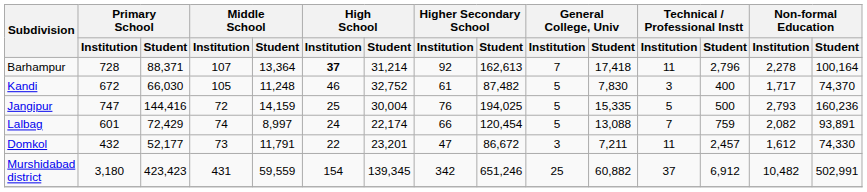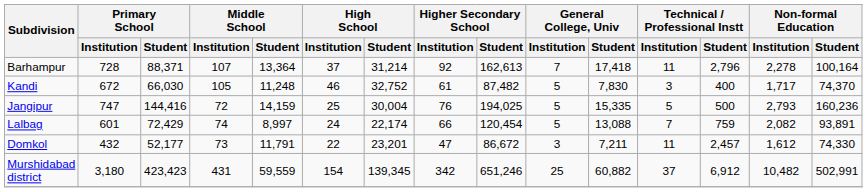 <table class="wikitable" style="text-align:center;font-size: 9pt">
 <tr>
 <th width="110" rowspan="2">Subdivision</th>
 <th colspan="2">Primary<br>School</th>
 <th colspan="2">Middle<br>School</th>
 <th colspan="2">High<br>School</th>
 <th colspan="2">Higher Secondary<br>School</th>
 <th colspan="2">General<br>College, Univ</th>
 <th colspan="2">Technical /<br>Professional Instt</th>
 <th colspan="2">Non-formal<br>Education</th>
 </tr>
 <tr>
 <th width="30">Institution</th>
 <th width="30">Student</th>
 <th width="30">Institution</th>
 <th width="30">Student</th>
 <th width="30">Institution</th>
 <th width="30">Student</th>
 <th width="30">Institution</th>
 <th width="30">Student</th>
 <th width="30">Institution</th>
 <th width="30">Student</th>
 <th width="30">Institution</th>
 <th width="30">Student</th>
 <th width="30">Institution</th>
 <th width="30">Student<br></th>
 </tr>
 <tr>
 <td align=left>Barhampur</td>
 <td align="center">728</td>
 <td align="center">88,371</td>
 <td align="center">107</td>
 <td align="center">13,364</td>
-<td align="center"><strong>37</strong></td>
+<td align="center">37</td>
 <td align="center">31,214</td>
 <td align="center">92</td>
 <td align="center">162,613</td>
 <td align="center">7</td>
 <td align="center">17,418</td>
 <td align="center">11</td>
 <td align="center">2,796</td>
 <td align="center">2,278</td>
 <td align="center">100,164</td>
 </tr>
 <tr>
 <td align=left><a href='#'>Kandi</a></td>
 <td align="center">672</td>
 <td align="center">66,030</td>
 <td align="center">105</td>
 <td align="center">11,248</td>
 <td align="center">46</td>
 <td align="center">32,752</td>
 <td align="center">61</td>
 <td align="center">87,482</td>
 <td align="center">5</td>
 <td align="center">7,830</td>
 <td align="center">3</td>
 <td align="center">400</td>
 <td align="center">1,717</td>
 <td align="center">74,370</td>
 </tr>
 <tr>
 <td align=left><a href='#'>Jangipur</a></td>
 <td align="center">747</td>
 <td align="center">144,416</td>
 <td align="center">72</td>
 <td align="center">14,159</td>
 <td align="center">25</td>
 <td align="center">30,004</td>
 <td align="center">76</td>
 <td align="center">194,025</td>
 <td align="center">5</td>
 <td align="center">15,335</td>
 <td align="center">5</td>
 <td align="center">500</td>
 <td align="center">2,793</td>
 <td align="center">160,236</td>
 </tr>
 <tr>
 <td align=left><a href='#'>Lalbag</a></td>
 <td align="center">601</td>
 <td align="center">72,429</td>
 <td align="center">74</td>
 <td align="center">8,997</td>
 <td align="center">24</td>
 <td align="center">22,174</td>
 <td align="center">66</td>
 <td align="center">120,454</td>
 <td align="center">5</td>
 <td align="center">13,088</td>
 <td align="center">7</td>
 <td align="center">759</td>
 <td align="center">2,082</td>
 <td align="center">93,891</td>
 </tr>
 <tr>
 <td align=left><a href='#'>Domkol</a></td>
 <td align="center">432</td>
 <td align="center">52,177</td>
 <td align="center">73</td>
 <td align="center">11,791</td>
 <td align="center">22</td>
 <td align="center">23,201</td>
 <td align="center">47</td>
 <td align="center">86,672</td>
 <td align="center">3</td>
 <td align="center">7,211</td>
 <td align="center">11</td>
 <td align="center">2,457</td>
 <td align="center">1,612</td>
 <td align="center">74,330</td>
 </tr>
 <tr>
 <td align=left><a href='#'>Murshidabad district</a></td>
 <td align="center">3,180</td>
 <td align="center">423,423</td>
 <td align="center">431</td>
 <td align="center">59,559</td>
 <td align="center">154</td>
 <td align="center">139,345</td>
 <td align="center">342</td>
 <td align="center">651,246</td>
 <td align="center">25</td>
 <td align="center">60,882</td>
 <td align="center">37</td>
 <td align="center">6,912</td>
 <td align="center">10,482</td>
 <td align="center">502,991</td>
 </tr>
 <tr>
 </tr>
 </table>
